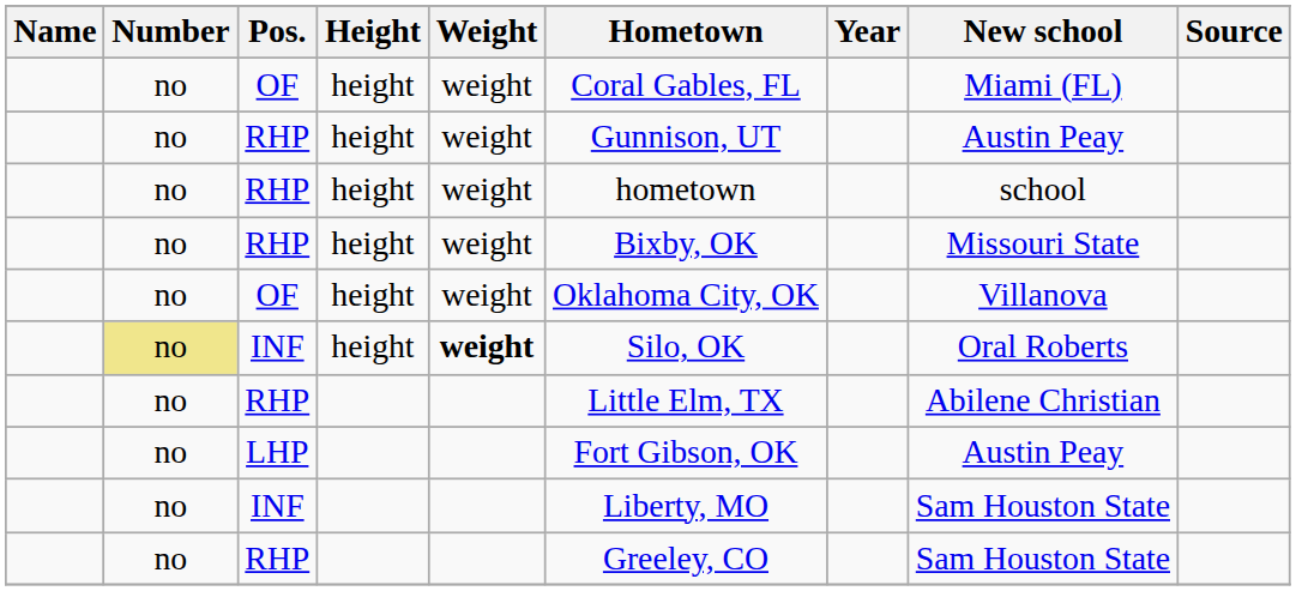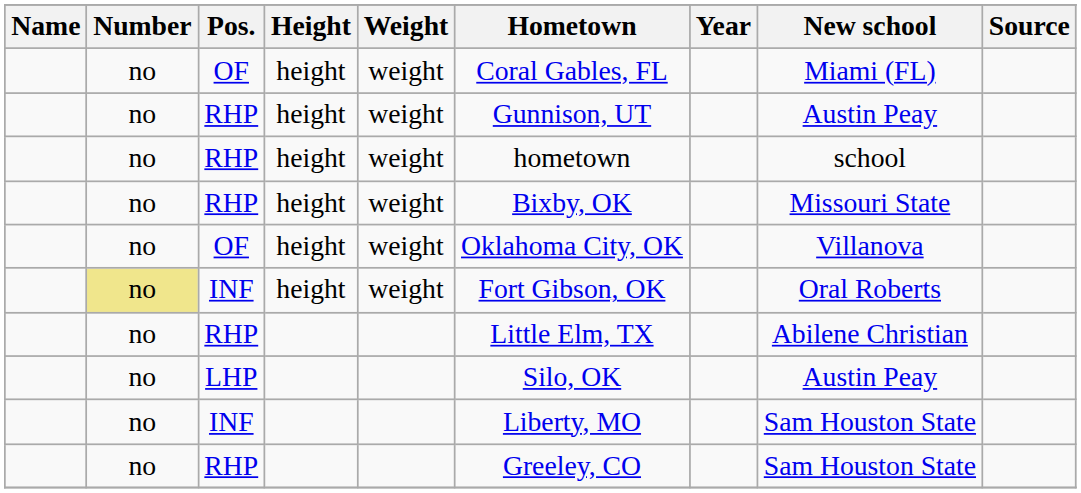 <table class="wikitable sortable" style="text-align: center">
 <tr>
 </tr>
 <tr>
 <th>Name</th>
 <th>Number</th>
 <th>Pos.</th>
 <th>Height</th>
 <th>Weight</th>
 <th>Hometown</th>
 <th>Year</th>
 <th>New school</th>
 <th>Source</th>
 </tr>
 <tr>
 <td></td>
 <td>no</td>
 <td><a href='#'>OF</a></td>
 <td>height</td>
 <td>weight</td>
 <td><a href='#'>Coral Gables, FL</a></td>
 <td></td>
 <td><a href='#'>Miami (FL)</a></td>
 <td></td>
 </tr>
 <tr>
 <td></td>
 <td>no</td>
 <td><a href='#'>RHP</a></td>
 <td>height</td>
 <td>weight</td>
 <td><a href='#'>Gunnison, UT</a></td>
 <td></td>
 <td><a href='#'>Austin Peay</a></td>
 <td></td>
 </tr>
 <tr>
 <td></td>
 <td>no</td>
 <td><a href='#'>RHP</a></td>
 <td>height</td>
 <td>weight</td>
 <td>hometown</td>
 <td></td>
 <td>school</td>
 <td></td>
 </tr>
 <tr>
 <td></td>
 <td>no</td>
 <td><a href='#'>RHP</a></td>
 <td>height</td>
 <td>weight</td>
 <td><a href='#'>Bixby, OK</a></td>
 <td></td>
 <td><a href='#'>Missouri State</a></td>
 <td></td>
 </tr>
 <tr>
 <td></td>
 <td>no</td>
 <td><a href='#'>OF</a></td>
 <td>height</td>
 <td>weight</td>
 <td><a href='#'>Oklahoma City, OK</a></td>
 <td></td>
 <td><a href='#'>Villanova</a></td>
 <td></td>
 </tr>
 <tr>
 <td></td>
 <td style="background: khaki;">no</td>
 <td><a href='#'>INF</a></td>
 <td>height</td>
-<td><strong>weight</strong></td>
-<td><a href='#'>Silo, OK</a></td>
+<td>weight</td>
+<td><a href='#'>Fort Gibson, OK</a></td>
 <td></td>
 <td><a href='#'>Oral Roberts</a></td>
 <td></td>
 </tr>
 <tr>
 <td></td>
 <td>no</td>
 <td><a href='#'>RHP</a></td>
 <td></td>
 <td></td>
 <td><a href='#'>Little Elm, TX</a></td>
 <td></td>
 <td><a href='#'>Abilene Christian</a></td>
 <td></td>
 </tr>
 <tr>
 <td></td>
 <td>no</td>
 <td><a href='#'>LHP</a></td>
 <td></td>
 <td></td>
-<td><a href='#'>Fort Gibson, OK</a></td>
+<td><a href='#'>Silo, OK</a></td>
 <td></td>
 <td><a href='#'>Austin Peay</a></td>
 <td></td>
 </tr>
 <tr>
 <td></td>
 <td>no</td>
 <td><a href='#'>INF</a></td>
 <td></td>
 <td></td>
 <td><a href='#'>Liberty, MO</a></td>
 <td></td>
 <td><a href='#'>Sam Houston State</a></td>
 <td></td>
 </tr>
 <tr>
 <td></td>
 <td>no</td>
 <td><a href='#'>RHP</a></td>
 <td></td>
 <td></td>
 <td><a href='#'>Greeley, CO</a></td>
 <td></td>
 <td><a href='#'>Sam Houston State</a></td>
 <td></td>
 </tr>
 <tr>
 </tr>
 </table>
